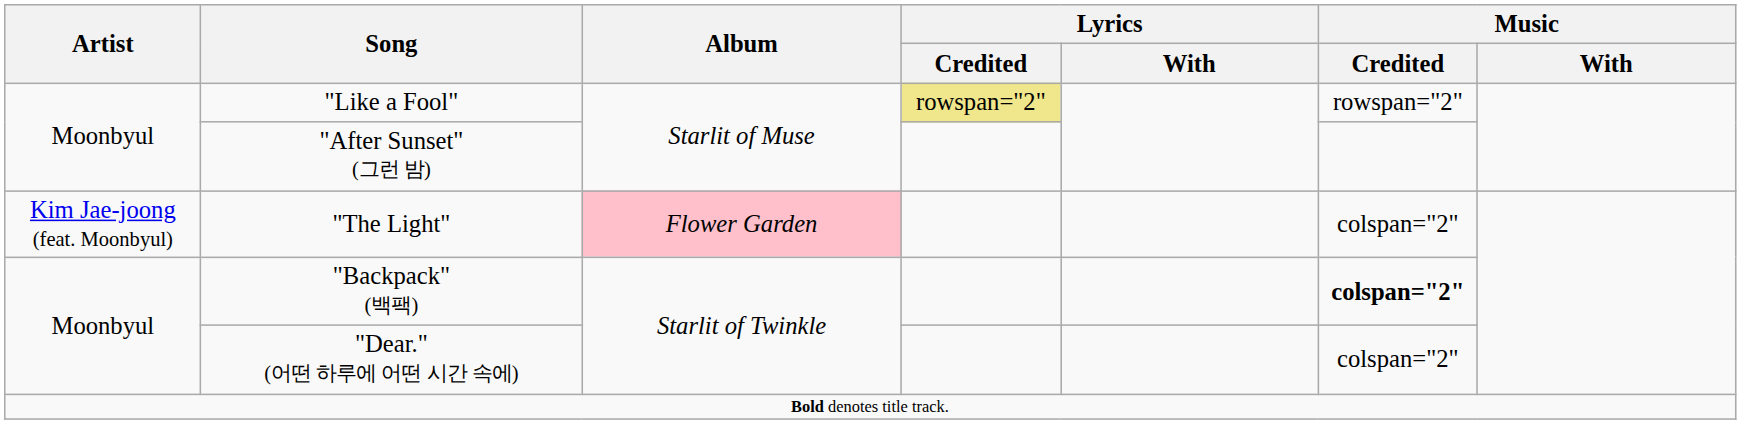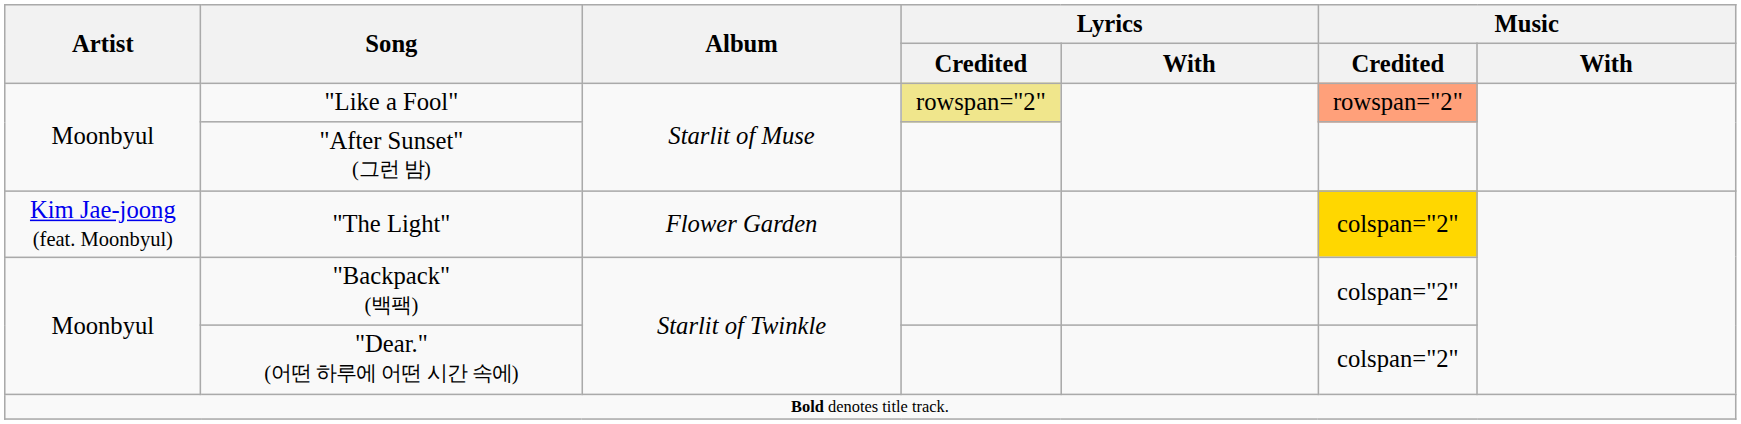 <table class="wikitable" style="text-align:center;">
 <tr>
 <th rowspan="2" style="width:7.5em;">Artist</th>
 <th rowspan="2" style="width:15em;">Song</th>
 <th rowspan="2" style="width:12.5em;">Album</th>
 <th colspan="2" style="width:16em;">Lyrics</th>
 <th colspan="2" style="width:16em;">Music</th>
 </tr>
 <tr>
 <th style="width:6em;">Credited</th>
 <th style="width:10em;">With</th>
 <th style="width:6em;">Credited</th>
 <th style="width:10em;">With</th>
 </tr>
 <tr>
 <td rowspan="2">Moonbyul</td>
 <td>"Like a Fool"</td>
 <td rowspan="2"><em>Starlit of Muse</em></td>
 <td style="background: khaki;">rowspan="2" </td>
 <td rowspan="2"></td>
-<td>rowspan="2" </td>
+<td style="background: lightsalmon;">rowspan="2" </td>
 <td rowspan="2"></td>
 </tr>
 <tr>
 <td>"After Sunset" <br><small>(그런 밤)</small></td>
 </tr>
 <tr>
 <td><a href='#'>Kim Jae-joong</a> <br><small>(feat. Moonbyul)</small></td>
 <td>"The Light"</td>
-<td style="background: pink;"><em>Flower Garden</em></td>
+<td><em>Flower Garden</em></td>
 <td></td>
 <td></td>
-<td>colspan="2" </td>
+<td style="background: gold;">colspan="2" </td>
 </tr>
 <tr>
 <td rowspan="2">Moonbyul</td>
 <td>"Backpack" <br><small>(백팩)</small></td>
 <td rowspan="2"><em>Starlit of Twinkle</em></td>
 <td></td>
 <td></td>
-<td><strong>colspan="2" </strong></td>
+<td>colspan="2" </td>
 </tr>
 <tr>
 <td>"Dear." <br><small>(어떤 하루에 어떤 시간 속에)</small></td>
 <td></td>
 <td></td>
 <td>colspan="2" </td>
 </tr>
 <tr>
 <td colspan="7" style="text-align:center; font-size:8pt;"><strong>Bold</strong> denotes title track.</td>
 </tr>
 </table>
